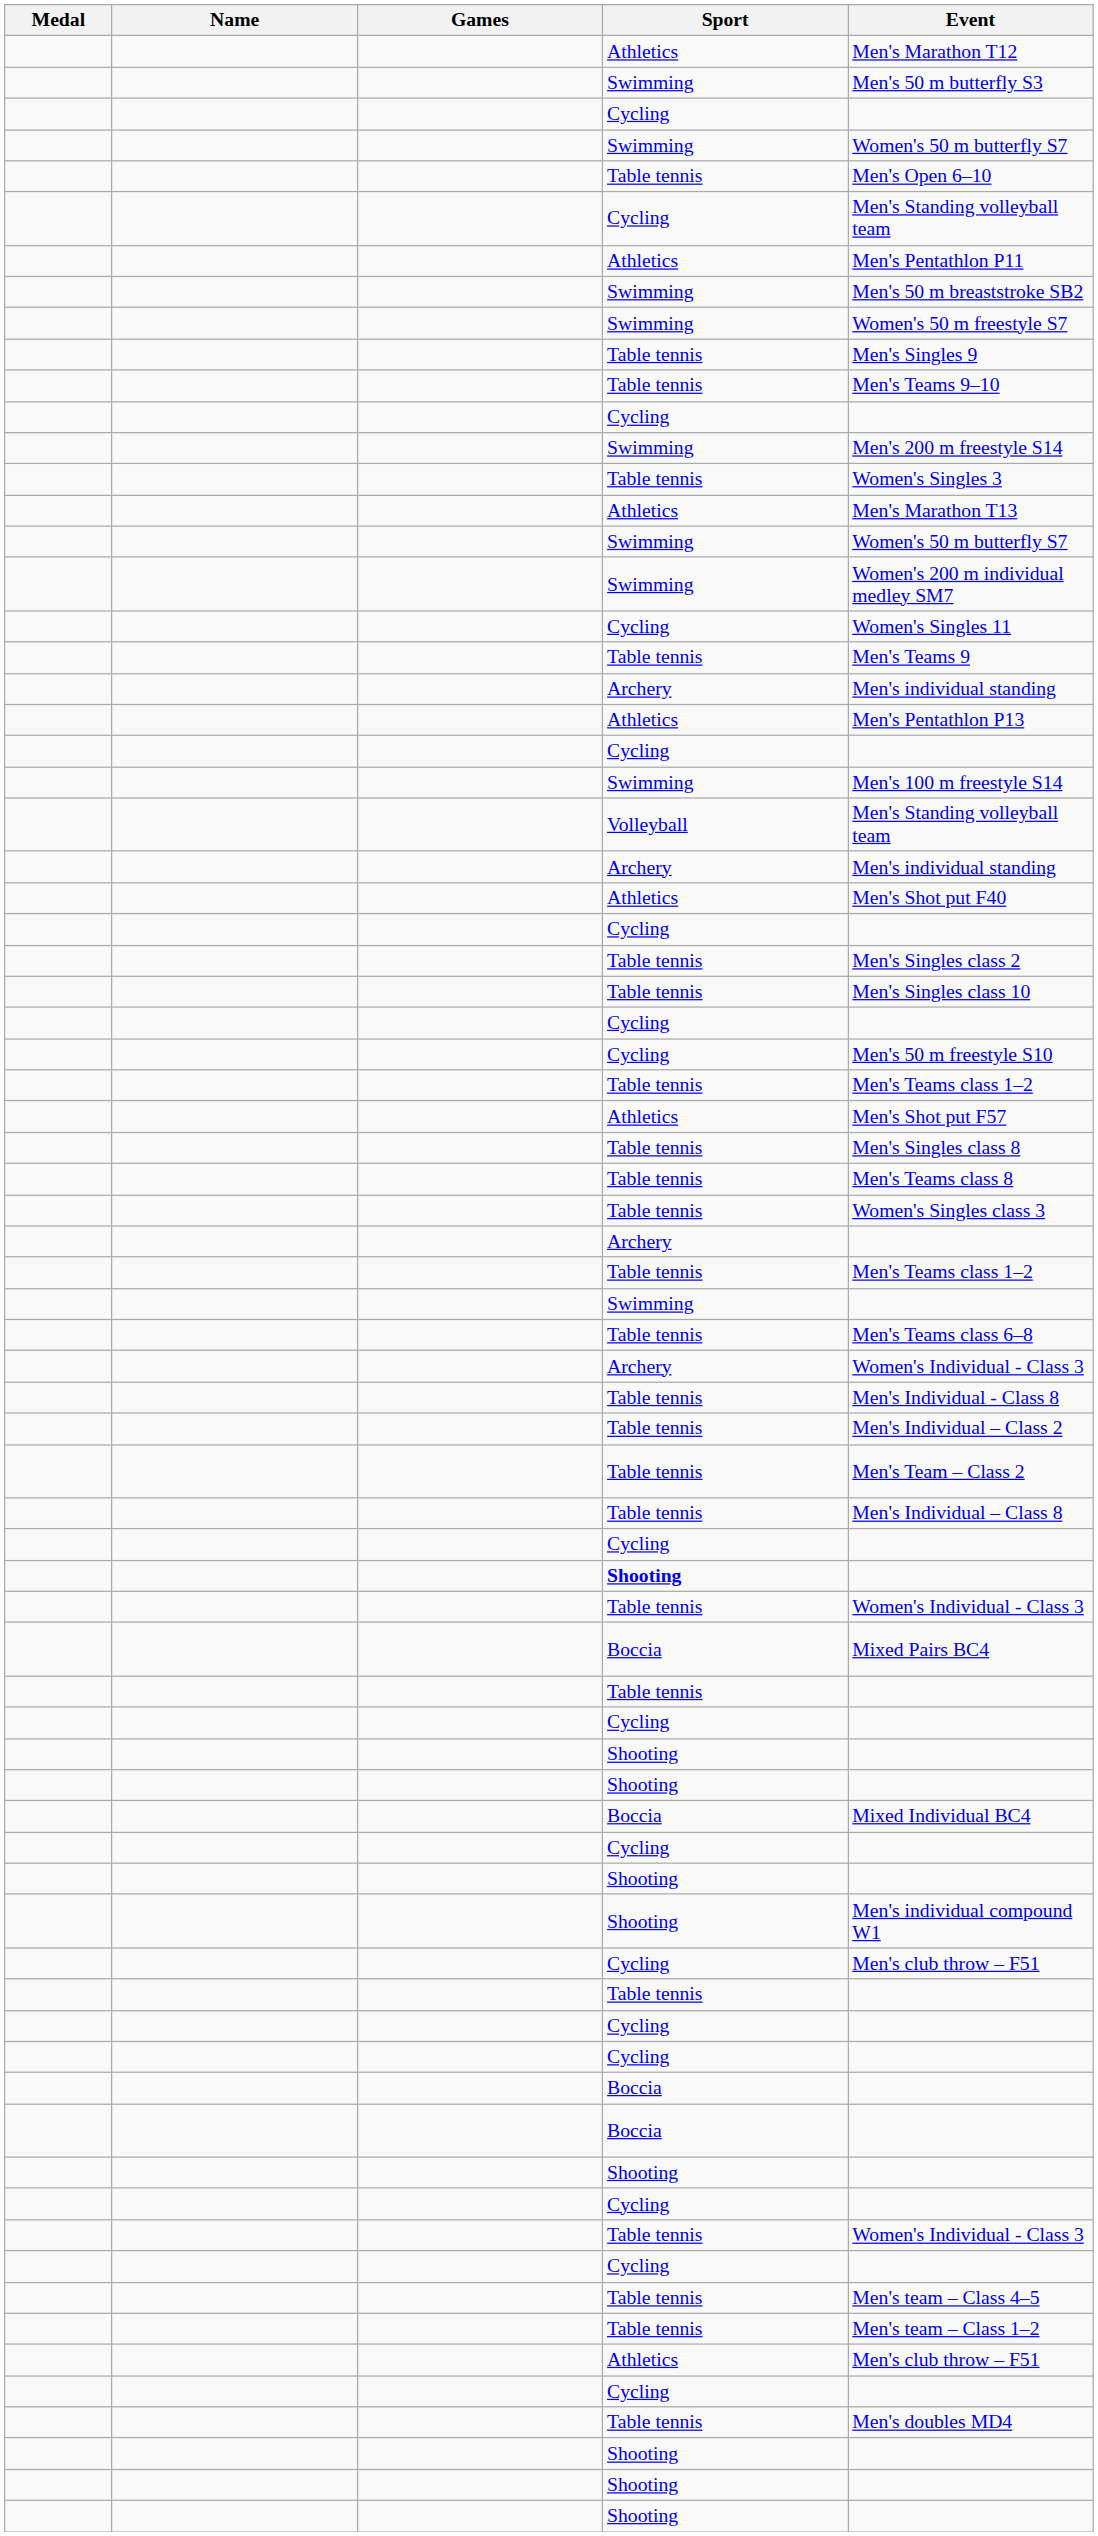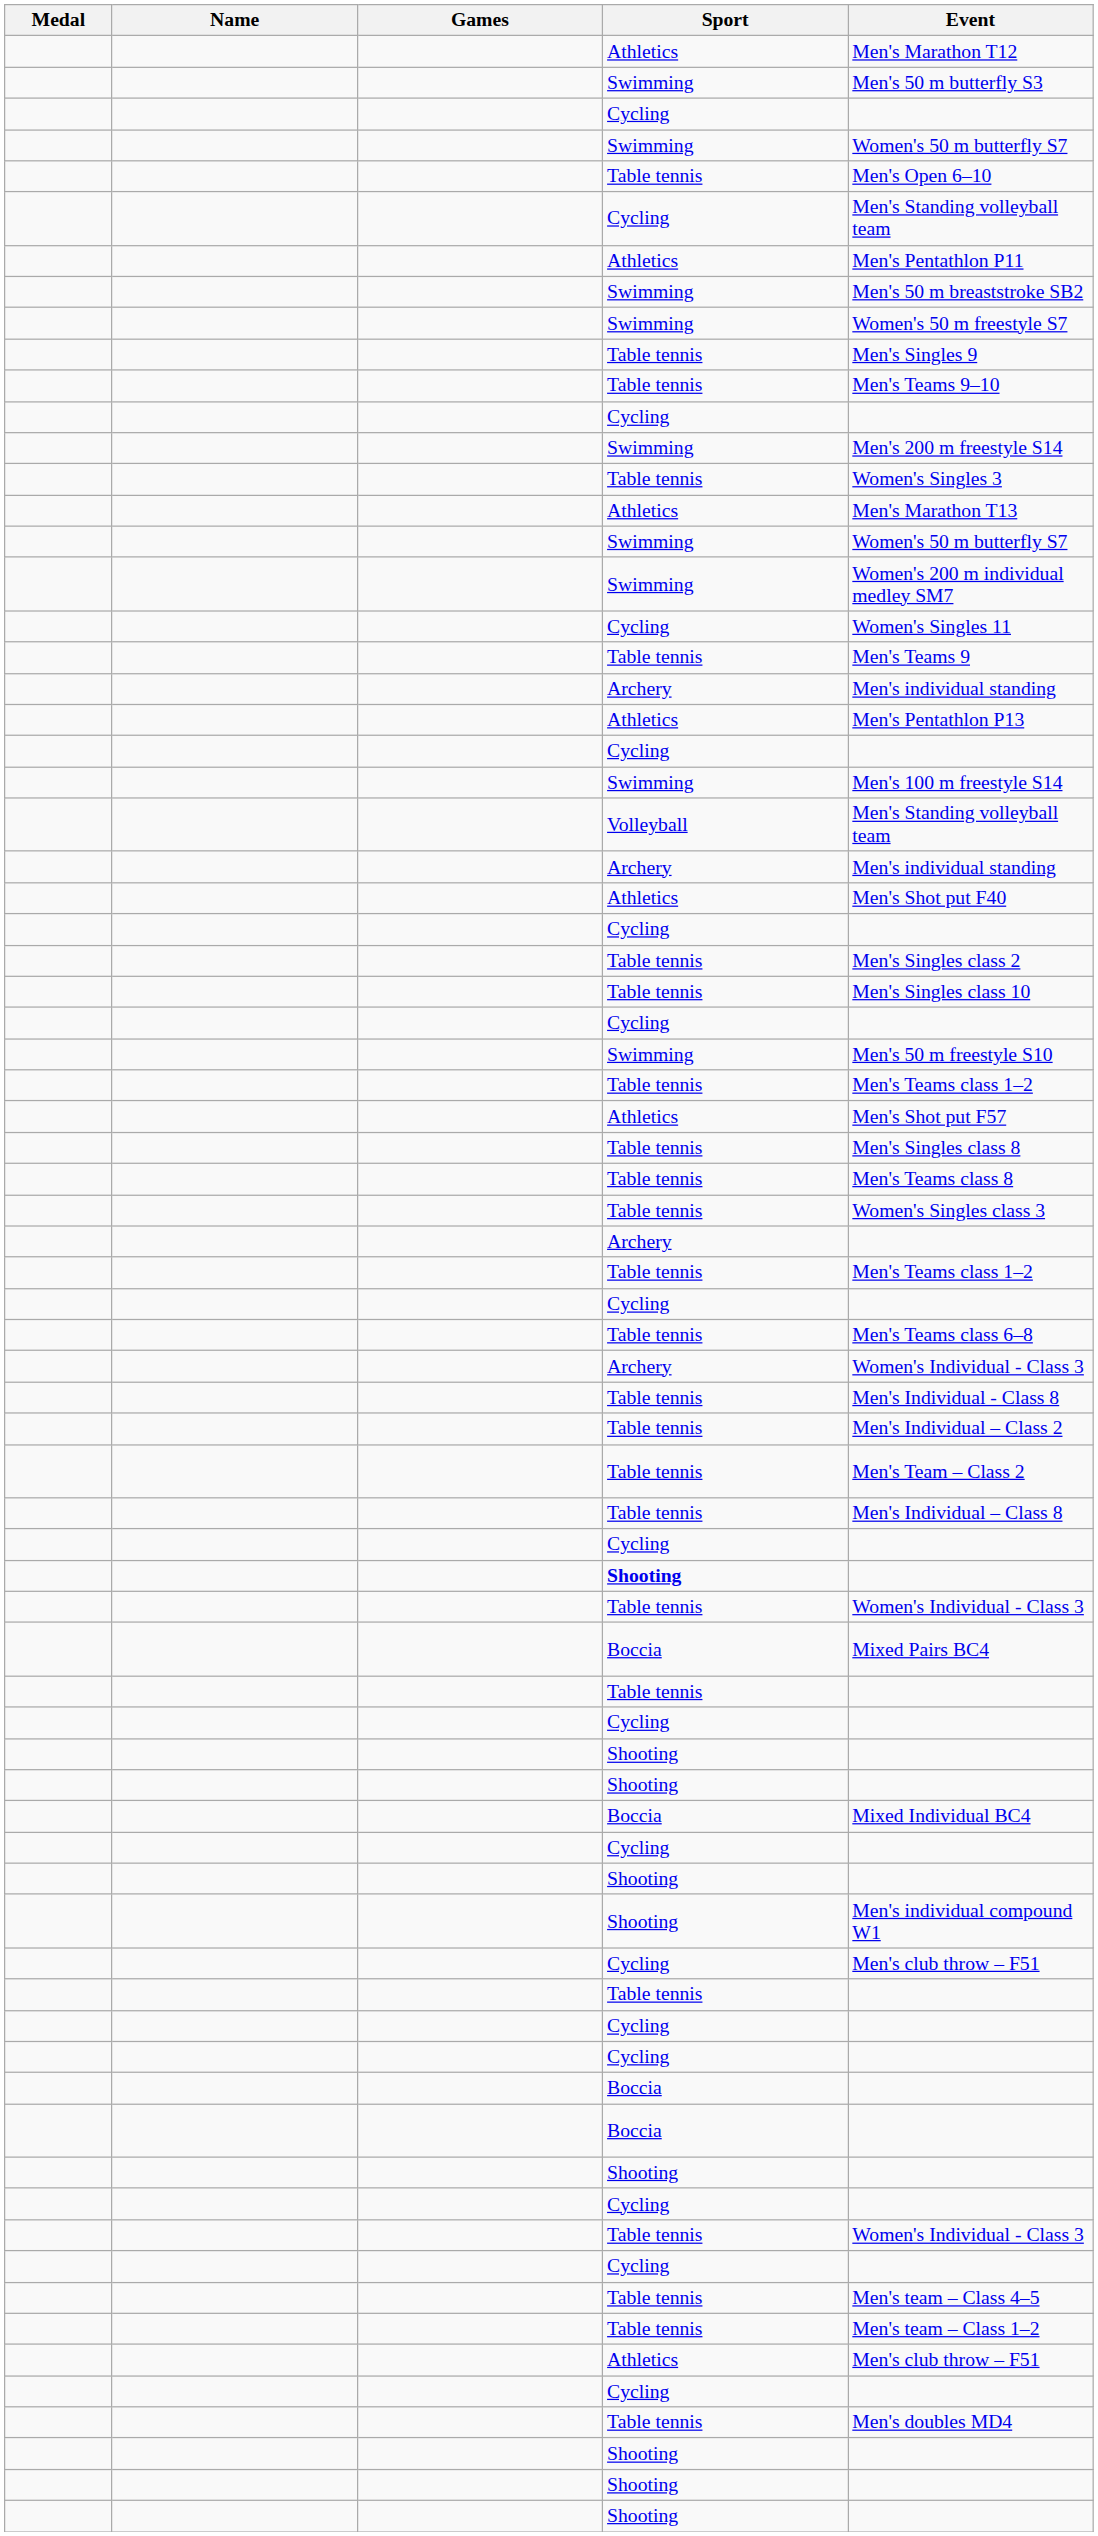 <table class="wikitable sortable">
 <tr>
 <th style="width:5em">Medal</th>
 <th style="width:12em">Name</th>
 <th style="width:12em">Games</th>
 <th style="width:12em">Sport</th>
 <th style="width:12em">Event</th>
 </tr>
 <tr>
 <td></td>
 <td></td>
 <td></td>
 <td> <a href='#'>Athletics</a></td>
 <td><a href='#'>Men's Marathon T12</a></td>
 </tr>
 <tr>
 <td></td>
 <td></td>
 <td></td>
 <td> <a href='#'>Swimming</a></td>
 <td><a href='#'>Men's 50 m butterfly S3</a></td>
 </tr>
 <tr>
 <td></td>
 <td><br></td>
 <td></td>
 <td> <a href='#'>Cycling</a></td>
 <td></td>
 </tr>
 <tr>
 <td></td>
 <td></td>
 <td></td>
 <td> <a href='#'>Swimming</a></td>
 <td><a href='#'>Women's 50 m butterfly S7</a></td>
 </tr>
 <tr>
 <td></td>
 <td></td>
 <td></td>
 <td> <a href='#'>Table tennis</a></td>
 <td><a href='#'>Men's Open 6–10</a></td>
 </tr>
 <tr>
 <td></td>
 <td></td>
 <td></td>
 <td> <a href='#'>Cycling</a></td>
 <td><a href='#'>Men's Standing volleyball team</a></td>
 </tr>
 <tr>
 <td></td>
 <td></td>
 <td></td>
 <td> <a href='#'>Athletics</a></td>
 <td><a href='#'>Men's Pentathlon P11</a></td>
 </tr>
 <tr>
 <td></td>
 <td></td>
 <td></td>
 <td> <a href='#'>Swimming</a></td>
 <td><a href='#'>Men's 50 m breaststroke SB2</a></td>
 </tr>
 <tr>
 <td></td>
 <td></td>
 <td></td>
 <td> <a href='#'>Swimming</a></td>
 <td><a href='#'>Women's 50 m freestyle S7</a></td>
 </tr>
 <tr>
 <td></td>
 <td></td>
 <td></td>
 <td> <a href='#'>Table tennis</a></td>
 <td><a href='#'>Men's Singles 9</a></td>
 </tr>
 <tr>
 <td></td>
 <td><br></td>
 <td></td>
 <td> <a href='#'>Table tennis</a></td>
 <td><a href='#'>Men's Teams 9–10</a></td>
 </tr>
 <tr>
 <td></td>
 <td></td>
 <td></td>
 <td> <a href='#'>Cycling</a></td>
 <td></td>
 </tr>
 <tr>
 <td></td>
 <td></td>
 <td></td>
 <td> <a href='#'>Swimming</a></td>
 <td><a href='#'>Men's 200 m freestyle S14</a></td>
 </tr>
 <tr>
 <td></td>
 <td></td>
 <td></td>
 <td> <a href='#'>Table tennis</a></td>
 <td><a href='#'>Women's Singles 3</a></td>
 </tr>
 <tr>
 <td></td>
 <td></td>
 <td></td>
 <td> <a href='#'>Athletics</a></td>
 <td><a href='#'>Men's Marathon T13</a></td>
 </tr>
 <tr>
 <td></td>
 <td></td>
 <td></td>
 <td> <a href='#'>Swimming</a></td>
 <td><a href='#'>Women's 50 m butterfly S7</a></td>
 </tr>
 <tr>
 <td></td>
 <td></td>
 <td></td>
 <td> <a href='#'>Swimming</a></td>
 <td><a href='#'>Women's 200 m individual medley SM7</a></td>
 </tr>
 <tr>
 <td></td>
 <td></td>
 <td></td>
 <td> <a href='#'>Cycling</a></td>
 <td><a href='#'>Women's Singles 11</a></td>
 </tr>
 <tr>
 <td></td>
 <td><br></td>
 <td></td>
 <td> <a href='#'>Table tennis</a></td>
 <td><a href='#'>Men's Teams 9</a></td>
 </tr>
 <tr>
 <td></td>
 <td></td>
 <td></td>
 <td> <a href='#'>Archery</a></td>
 <td><a href='#'>Men's individual standing</a></td>
 </tr>
 <tr>
 <td></td>
 <td></td>
 <td></td>
 <td> <a href='#'>Athletics</a></td>
 <td><a href='#'>Men's Pentathlon P13</a></td>
 </tr>
 <tr>
 <td></td>
 <td><br></td>
 <td></td>
 <td> <a href='#'>Cycling</a></td>
 <td></td>
 </tr>
 <tr>
 <td></td>
 <td></td>
 <td></td>
 <td> <a href='#'>Swimming</a></td>
 <td><a href='#'>Men's 100 m freestyle S14</a></td>
 </tr>
 <tr>
 <td></td>
 <td></td>
 <td></td>
 <td> <a href='#'>Volleyball</a></td>
 <td><a href='#'>Men's Standing volleyball team</a></td>
 </tr>
 <tr>
 <td></td>
 <td></td>
 <td></td>
 <td> <a href='#'>Archery</a></td>
 <td><a href='#'>Men's individual standing</a></td>
 </tr>
 <tr>
 <td></td>
 <td></td>
 <td></td>
 <td> <a href='#'>Athletics</a></td>
 <td><a href='#'>Men's Shot put F40</a></td>
 </tr>
 <tr>
 <td></td>
 <td></td>
 <td></td>
 <td> <a href='#'>Cycling</a></td>
 <td></td>
 </tr>
 <tr>
 <td></td>
 <td></td>
 <td></td>
 <td> <a href='#'>Table tennis</a></td>
 <td><a href='#'>Men's Singles class 2</a></td>
 </tr>
 <tr>
 <td></td>
 <td></td>
 <td></td>
 <td> <a href='#'>Table tennis</a></td>
 <td><a href='#'>Men's Singles class 10</a></td>
 </tr>
 <tr>
 <td></td>
 <td></td>
 <td></td>
 <td> <a href='#'>Cycling</a></td>
 <td></td>
 </tr>
 <tr>
 <td></td>
 <td></td>
 <td></td>
-<td> <a href='#'>Cycling</a></td>
+<td> <a href='#'>Swimming</a></td>
 <td><a href='#'>Men's 50 m freestyle S10</a></td>
 </tr>
 <tr>
 <td></td>
 <td><br></td>
 <td></td>
 <td> <a href='#'>Table tennis</a></td>
 <td><a href='#'>Men's Teams class 1–2</a></td>
 </tr>
 <tr>
 <td></td>
 <td></td>
 <td></td>
 <td> <a href='#'>Athletics</a></td>
 <td><a href='#'>Men's Shot put F57</a></td>
 </tr>
 <tr>
 <td></td>
 <td></td>
 <td></td>
 <td> <a href='#'>Table tennis</a></td>
 <td><a href='#'>Men's Singles class 8</a></td>
 </tr>
 <tr>
 <td></td>
 <td><br></td>
 <td></td>
 <td> <a href='#'>Table tennis</a></td>
 <td><a href='#'>Men's Teams class 8</a></td>
 </tr>
 <tr>
 <td></td>
 <td></td>
 <td></td>
 <td> <a href='#'>Table tennis</a></td>
 <td><a href='#'>Women's Singles class 3</a></td>
 </tr>
 <tr>
 <td></td>
 <td></td>
 <td></td>
 <td> <a href='#'>Archery</a></td>
 <td></td>
 </tr>
 <tr>
 <td></td>
 <td><br></td>
 <td></td>
 <td> <a href='#'>Table tennis</a></td>
 <td><a href='#'>Men's Teams class 1–2</a></td>
 </tr>
 <tr>
 <td></td>
 <td></td>
 <td></td>
-<td> <a href='#'>Swimming</a></td>
+<td> <a href='#'>Cycling</a></td>
 <td></td>
 </tr>
 <tr>
 <td></td>
 <td><br></td>
 <td></td>
 <td> <a href='#'>Table tennis</a></td>
 <td><a href='#'>Men's Teams class 6–8</a></td>
 </tr>
 <tr>
 <td></td>
 <td></td>
 <td></td>
 <td> <a href='#'>Archery</a></td>
 <td><a href='#'>Women's Individual - Class 3</a></td>
 </tr>
 <tr>
 <td></td>
 <td></td>
 <td></td>
 <td> <a href='#'>Table tennis</a></td>
 <td><a href='#'>Men's Individual - Class 8</a></td>
 </tr>
 <tr>
 <td></td>
 <td></td>
 <td></td>
 <td> <a href='#'>Table tennis</a></td>
 <td><a href='#'>Men's Individual – Class 2</a></td>
 </tr>
 <tr>
 <td></td>
 <td><br><br></td>
 <td></td>
 <td> <a href='#'>Table tennis</a></td>
 <td><a href='#'>Men's Team – Class 2</a></td>
 </tr>
 <tr>
 <td></td>
 <td></td>
 <td></td>
 <td> <a href='#'>Table tennis</a></td>
 <td><a href='#'>Men's Individual – Class 8</a></td>
 </tr>
 <tr>
 <td></td>
 <td></td>
 <td></td>
 <td> <a href='#'>Cycling</a></td>
 <td></td>
 </tr>
 <tr>
 <td></td>
 <td></td>
 <td></td>
 <td><strong> <a href='#'>Shooting</a></strong></td>
 <td></td>
 </tr>
 <tr>
 <td></td>
 <td></td>
 <td></td>
 <td> <a href='#'>Table tennis</a></td>
 <td><a href='#'>Women's Individual - Class 3</a></td>
 </tr>
 <tr>
 <td></td>
 <td><br><br></td>
 <td></td>
 <td> <a href='#'>Boccia</a></td>
 <td><a href='#'>Mixed Pairs BC4</a></td>
 </tr>
 <tr>
 <td></td>
 <td></td>
 <td></td>
 <td> <a href='#'>Table tennis</a></td>
 <td></td>
 </tr>
 <tr>
 <td></td>
 <td></td>
 <td></td>
 <td> <a href='#'>Cycling</a></td>
 <td></td>
 </tr>
 <tr>
 <td></td>
 <td></td>
 <td></td>
 <td> <a href='#'>Shooting</a></td>
 <td></td>
 </tr>
 <tr>
 <td></td>
 <td></td>
 <td></td>
 <td> <a href='#'>Shooting</a></td>
 <td></td>
 </tr>
 <tr>
 <td></td>
 <td></td>
 <td></td>
 <td> <a href='#'>Boccia</a></td>
 <td><a href='#'>Mixed Individual BC4</a></td>
 </tr>
 <tr>
 <td></td>
 <td></td>
 <td></td>
 <td> <a href='#'>Cycling</a></td>
 <td></td>
 </tr>
 <tr>
 <td></td>
 <td></td>
 <td></td>
 <td> <a href='#'>Shooting</a></td>
 <td></td>
 </tr>
 <tr>
 <td></td>
 <td></td>
 <td></td>
 <td> <a href='#'>Shooting</a></td>
 <td><a href='#'>Men's individual compound W1</a></td>
 </tr>
 <tr>
 <td></td>
 <td></td>
 <td></td>
 <td> <a href='#'>Cycling</a></td>
 <td><a href='#'>Men's club throw – F51</a></td>
 </tr>
 <tr>
 <td></td>
 <td></td>
 <td></td>
 <td> <a href='#'>Table tennis</a></td>
 <td></td>
 </tr>
 <tr>
 <td></td>
 <td></td>
 <td></td>
 <td> <a href='#'>Cycling</a></td>
 <td></td>
 </tr>
 <tr>
 <td></td>
 <td></td>
 <td></td>
 <td> <a href='#'>Cycling</a></td>
 <td></td>
 </tr>
 <tr>
 <td></td>
 <td></td>
 <td></td>
 <td> <a href='#'>Boccia</a></td>
 <td></td>
 </tr>
 <tr>
 <td></td>
 <td><br><br></td>
 <td></td>
 <td> <a href='#'>Boccia</a></td>
 <td></td>
 </tr>
 <tr>
 <td></td>
 <td></td>
 <td></td>
 <td> <a href='#'>Shooting</a></td>
 <td></td>
 </tr>
 <tr>
 <td></td>
 <td></td>
 <td></td>
 <td> <a href='#'>Cycling</a></td>
 <td></td>
 </tr>
 <tr>
 <td></td>
 <td></td>
 <td></td>
 <td> <a href='#'>Table tennis</a></td>
 <td><a href='#'>Women's Individual - Class 3</a></td>
 </tr>
 <tr>
 <td></td>
 <td></td>
 <td></td>
 <td> <a href='#'>Cycling</a></td>
 <td></td>
 </tr>
 <tr>
 <td></td>
 <td><br></td>
 <td></td>
 <td> <a href='#'>Table tennis</a></td>
 <td><a href='#'>Men's team – Class 4–5</a></td>
 </tr>
 <tr>
 <td></td>
 <td><br></td>
 <td></td>
 <td> <a href='#'>Table tennis</a></td>
 <td><a href='#'>Men's team – Class 1–2</a></td>
 </tr>
 <tr>
 <td></td>
 <td></td>
 <td></td>
 <td> <a href='#'>Athletics</a></td>
 <td><a href='#'>Men's club throw – F51</a></td>
 </tr>
 <tr>
 <td></td>
 <td></td>
 <td></td>
 <td> <a href='#'>Cycling</a></td>
 <td></td>
 </tr>
 <tr>
 <td></td>
 <td><br></td>
 <td></td>
 <td> <a href='#'>Table tennis</a></td>
 <td><a href='#'>Men's doubles MD4</a></td>
 </tr>
 <tr>
 <td></td>
 <td></td>
 <td></td>
 <td> <a href='#'>Shooting</a></td>
 <td></td>
 </tr>
 <tr>
 <td></td>
 <td></td>
 <td></td>
 <td> <a href='#'>Shooting</a></td>
 <td></td>
 </tr>
 <tr>
 <td></td>
 <td></td>
 <td></td>
 <td> <a href='#'>Shooting</a></td>
 <td></td>
 </tr>
 <tr>
 </tr>
 </table>
